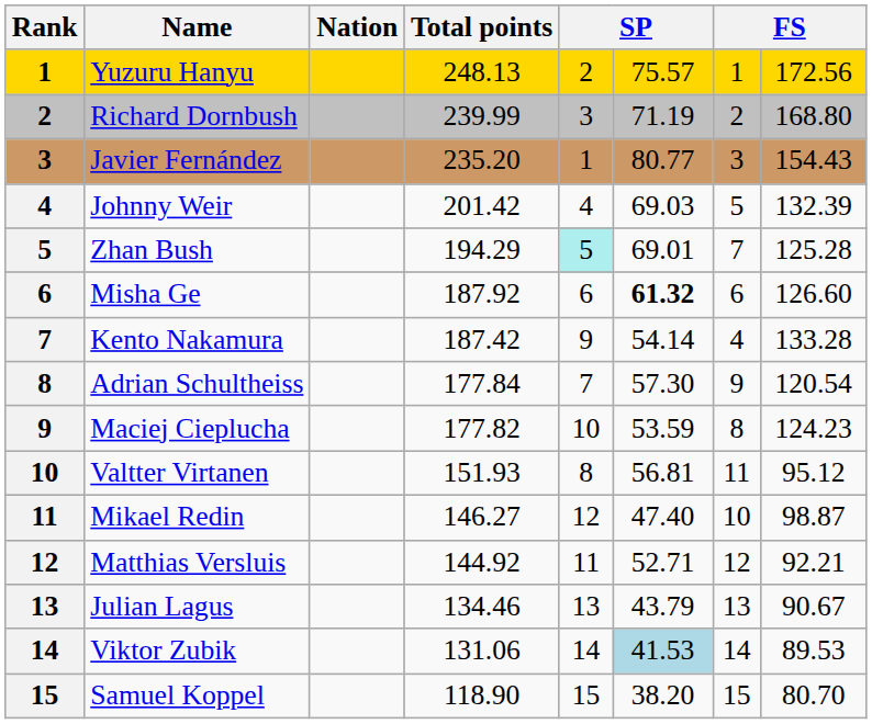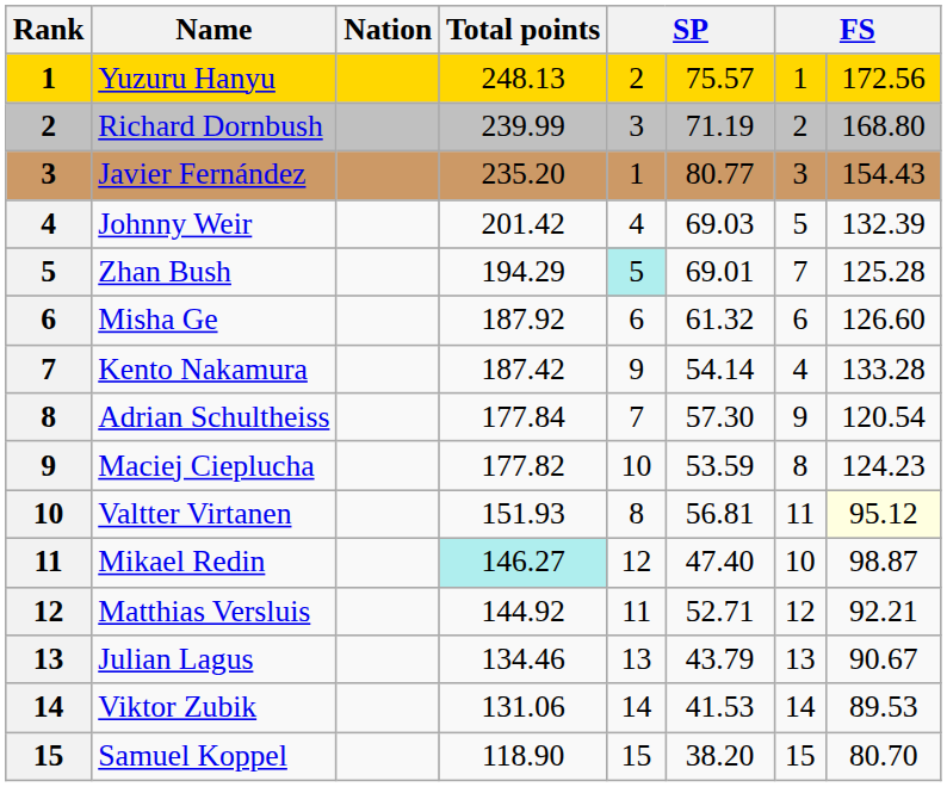 <table class="wikitable sortable">
 <tr>
 <th>Rank</th>
 <th>Name</th>
 <th>Nation</th>
 <th>Total points</th>
 <th colspan="2" width="80px"><a href='#'>SP</a></th>
 <th colspan="2" width="80px"><a href='#'>FS</a></th>
 </tr>
 <tr bgcolor="gold">
 <td align="center"><strong>1</strong></td>
 <td><a href='#'>Yuzuru Hanyu</a></td>
 <td></td>
 <td align="center">248.13</td>
 <td align="center">2</td>
 <td align="center">75.57</td>
 <td align="center">1</td>
 <td align="center">172.56</td>
 </tr>
 <tr bgcolor="silver">
 <td align="center"><strong>2</strong></td>
 <td><a href='#'>Richard Dornbush</a></td>
 <td></td>
 <td align="center">239.99</td>
 <td align="center">3</td>
 <td align="center">71.19</td>
 <td align="center">2</td>
 <td align="center">168.80</td>
 </tr>
 <tr bgcolor="cc9966">
 <td align="center"><strong>3</strong></td>
 <td><a href='#'>Javier Fernández</a></td>
 <td></td>
 <td align="center">235.20</td>
 <td align="center">1</td>
 <td align="center">80.77</td>
 <td align="center">3</td>
 <td align="center">154.43</td>
 </tr>
 <tr>
 <th>4</th>
 <td><a href='#'>Johnny Weir</a></td>
 <td></td>
 <td align="center">201.42</td>
 <td align="center">4</td>
 <td align="center">69.03</td>
 <td align="center">5</td>
 <td align="center">132.39</td>
 </tr>
 <tr>
 <th>5</th>
 <td><a href='#'>Zhan Bush</a></td>
 <td></td>
 <td align="center">194.29</td>
 <td align="center" style="background: paleturquoise;">5</td>
 <td align="center">69.01</td>
 <td align="center">7</td>
 <td align="center">125.28</td>
 </tr>
 <tr>
 <th>6</th>
 <td><a href='#'>Misha Ge</a></td>
 <td></td>
 <td align="center">187.92</td>
 <td align="center">6</td>
-<td align="center"><strong>61.32</strong></td>
+<td align="center">61.32</td>
 <td align="center">6</td>
 <td align="center">126.60</td>
 </tr>
 <tr>
 <th>7</th>
 <td><a href='#'>Kento Nakamura</a></td>
 <td></td>
 <td align="center">187.42</td>
 <td align="center">9</td>
 <td align="center">54.14</td>
 <td align="center">4</td>
 <td align="center">133.28</td>
 </tr>
 <tr>
 <th>8</th>
 <td><a href='#'>Adrian Schultheiss</a></td>
 <td></td>
 <td align="center">177.84</td>
 <td align="center">7</td>
 <td align="center">57.30</td>
 <td align="center">9</td>
 <td align="center">120.54</td>
 </tr>
 <tr>
 <th>9</th>
 <td><a href='#'>Maciej Cieplucha</a></td>
 <td></td>
 <td align="center">177.82</td>
 <td align="center">10</td>
 <td align="center">53.59</td>
 <td align="center">8</td>
 <td align="center">124.23</td>
 </tr>
 <tr>
 <th>10</th>
 <td><a href='#'>Valtter Virtanen</a></td>
 <td></td>
 <td align="center">151.93</td>
 <td align="center">8</td>
 <td align="center">56.81</td>
 <td align="center">11</td>
-<td align="center">95.12</td>
+<td align="center" style="background: lightyellow;">95.12</td>
 </tr>
 <tr>
 <th>11</th>
 <td><a href='#'>Mikael Redin</a></td>
 <td></td>
-<td align="center">146.27</td>
+<td align="center" style="background: paleturquoise;">146.27</td>
 <td align="center">12</td>
 <td align="center">47.40</td>
 <td align="center">10</td>
 <td align="center">98.87</td>
 </tr>
 <tr>
 <th>12</th>
 <td><a href='#'>Matthias Versluis</a></td>
 <td></td>
 <td align="center">144.92</td>
 <td align="center">11</td>
 <td align="center">52.71</td>
 <td align="center">12</td>
 <td align="center">92.21</td>
 </tr>
 <tr>
 <th>13</th>
 <td><a href='#'>Julian Lagus</a></td>
 <td></td>
 <td align="center">134.46</td>
 <td align="center">13</td>
 <td align="center">43.79</td>
 <td align="center">13</td>
 <td align="center">90.67</td>
 </tr>
 <tr>
 <th>14</th>
 <td><a href='#'>Viktor Zubik</a></td>
 <td></td>
 <td align="center">131.06</td>
 <td align="center">14</td>
-<td align="center" style="background: lightblue;">41.53</td>
+<td align="center">41.53</td>
 <td align="center">14</td>
 <td align="center">89.53</td>
 </tr>
 <tr>
 <th>15</th>
 <td><a href='#'>Samuel Koppel</a></td>
 <td></td>
 <td align="center">118.90</td>
 <td align="center">15</td>
 <td align="center">38.20</td>
 <td align="center">15</td>
 <td align="center">80.70</td>
 </tr>
 </table>
